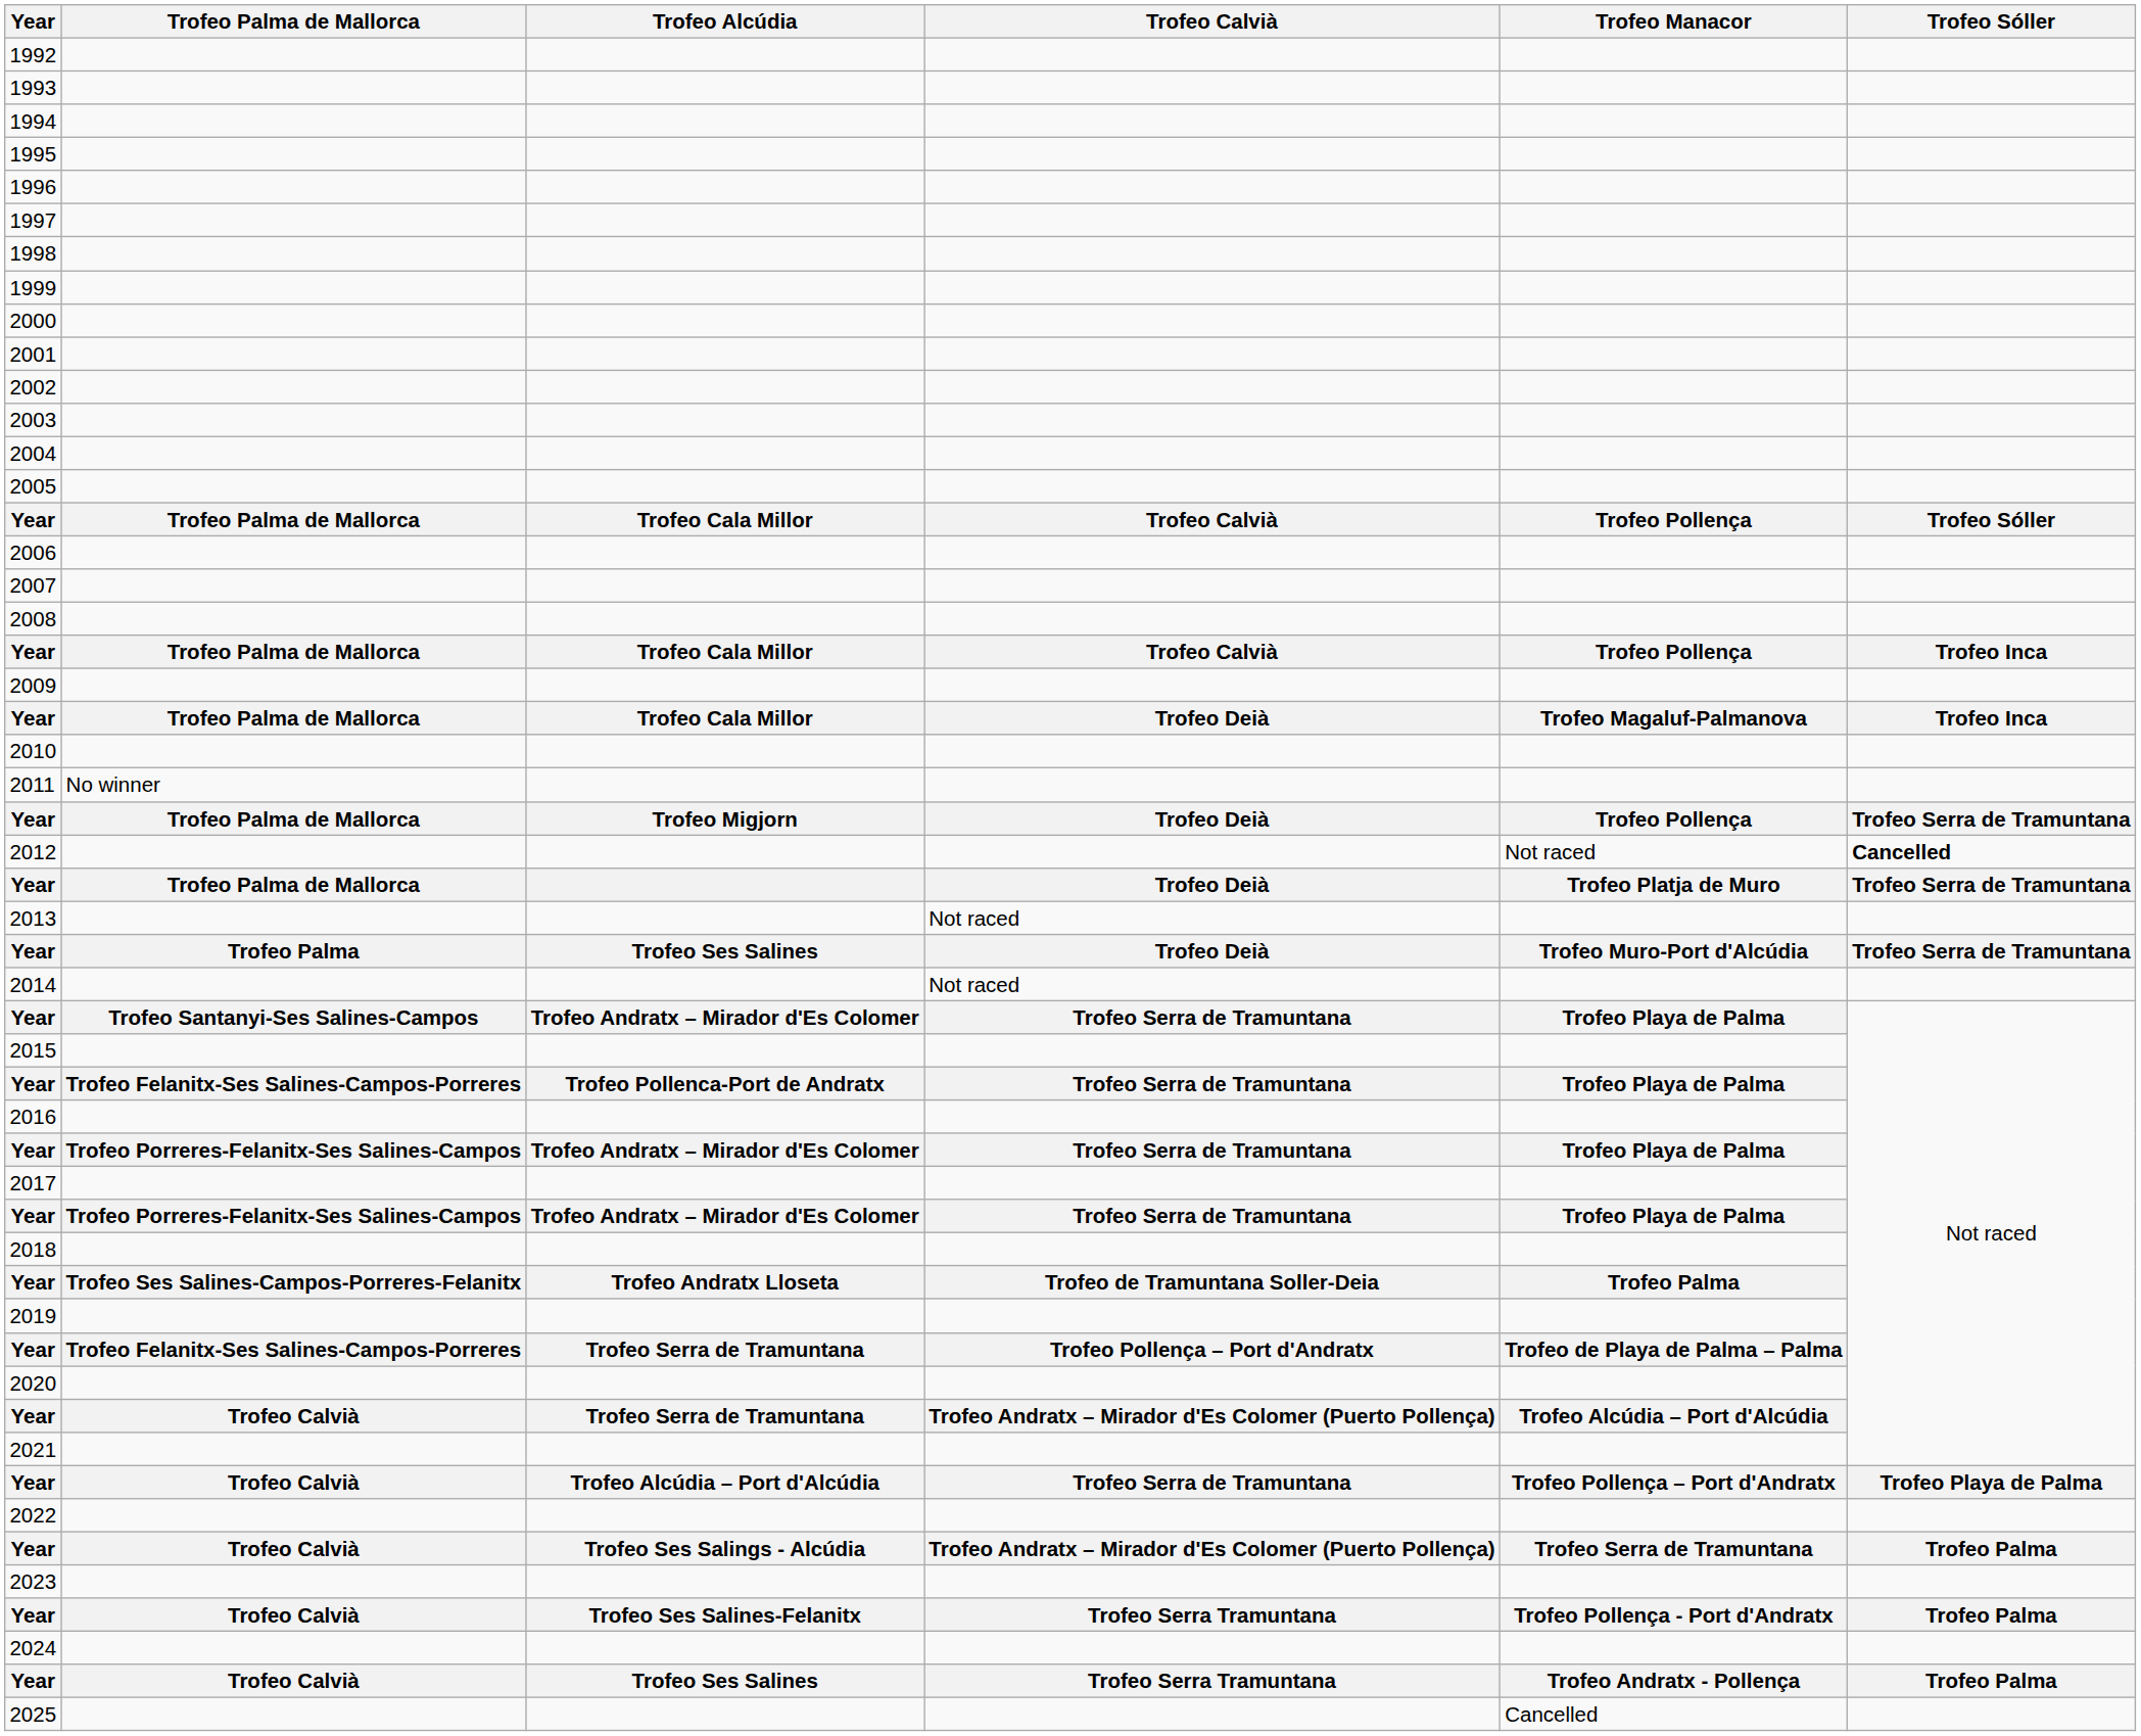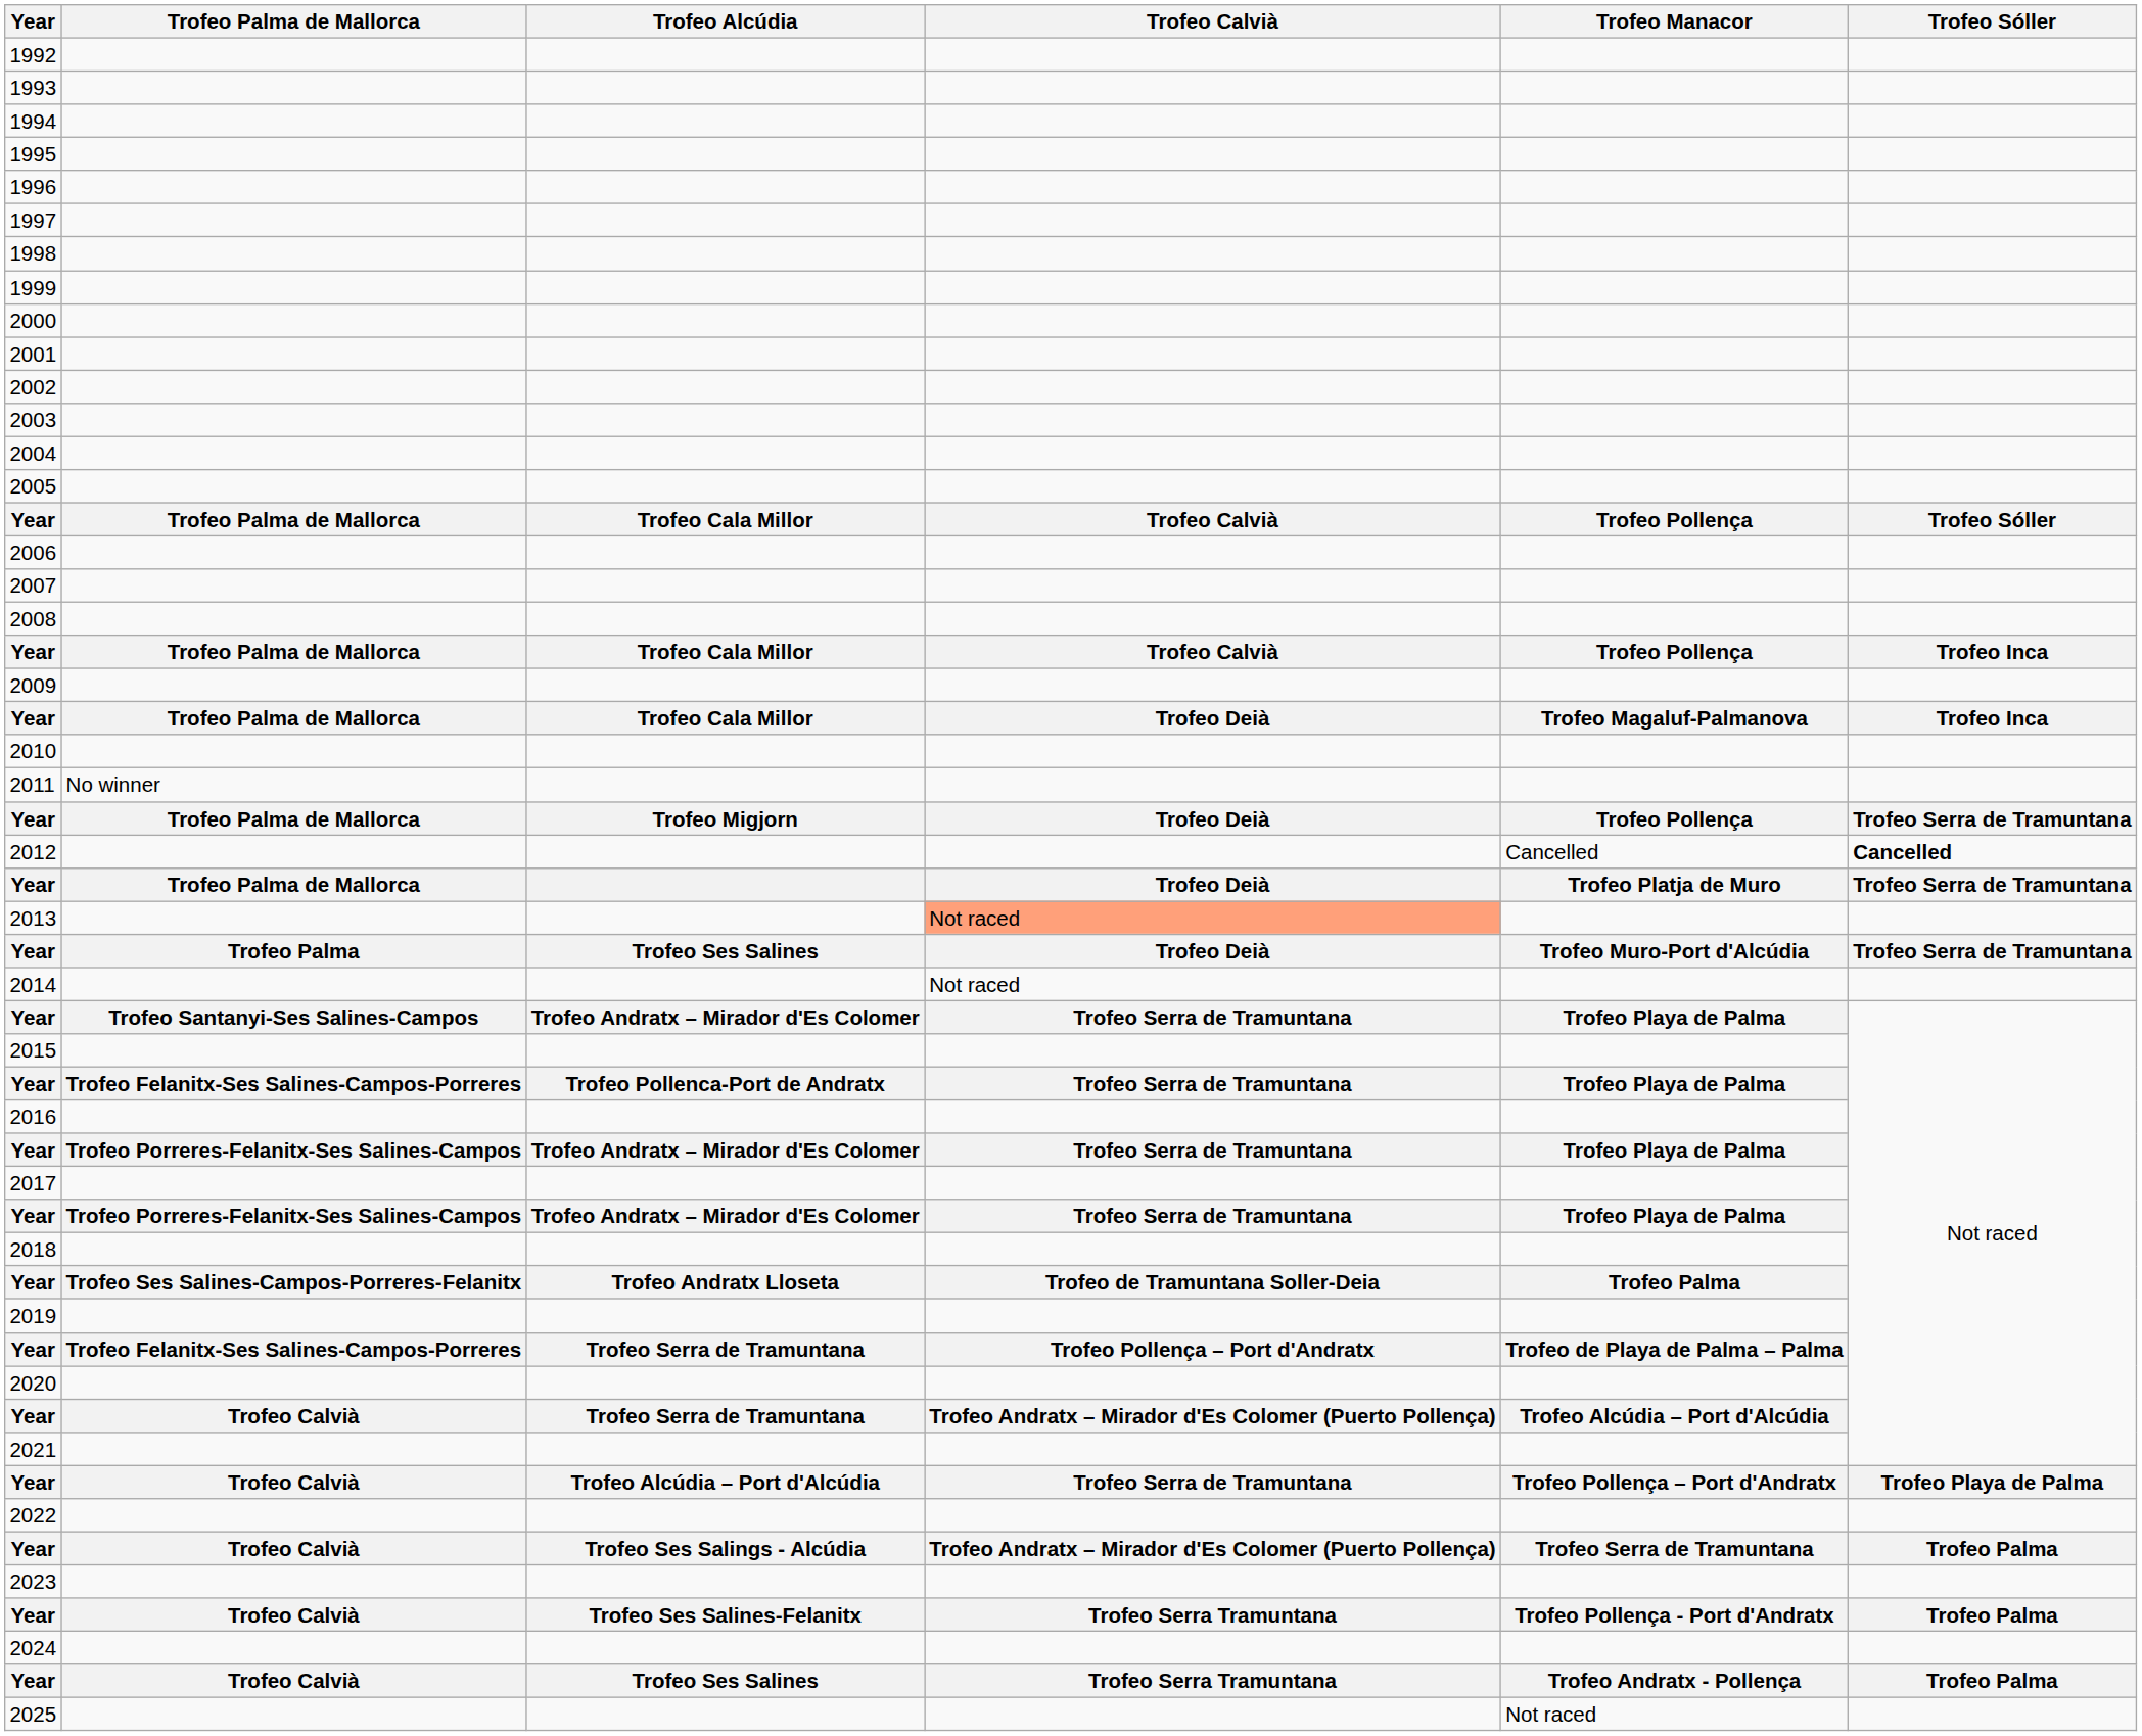 <table class="wikitable sortable" style="font-size:95%">
 <tr>
 <th>Year</th>
 <th>Trofeo Palma de Mallorca</th>
 <th>Trofeo Alcúdia</th>
 <th>Trofeo Calvià</th>
 <th>Trofeo Manacor</th>
 <th>Trofeo Sóller</th>
 </tr>
 <tr>
 <td>1992</td>
 <td></td>
 <td></td>
 <td></td>
 <td></td>
 <td></td>
 </tr>
 <tr>
 <td>1993</td>
 <td></td>
 <td></td>
 <td></td>
 <td></td>
 <td></td>
 </tr>
 <tr>
 <td>1994</td>
 <td></td>
 <td></td>
 <td></td>
 <td></td>
 <td></td>
 </tr>
 <tr>
 <td>1995</td>
 <td></td>
 <td></td>
 <td></td>
 <td></td>
 <td></td>
 </tr>
 <tr>
 <td>1996</td>
 <td></td>
 <td></td>
 <td></td>
 <td></td>
 <td></td>
 </tr>
 <tr>
 <td>1997</td>
 <td></td>
 <td></td>
 <td></td>
 <td></td>
 <td></td>
 </tr>
 <tr>
 <td>1998</td>
 <td></td>
 <td></td>
 <td></td>
 <td></td>
 <td></td>
 </tr>
 <tr>
 <td>1999</td>
 <td></td>
 <td></td>
 <td></td>
 <td></td>
 <td></td>
 </tr>
 <tr>
 <td>2000</td>
 <td></td>
 <td></td>
 <td></td>
 <td></td>
 <td></td>
 </tr>
 <tr>
 <td>2001</td>
 <td></td>
 <td></td>
 <td></td>
 <td></td>
 <td></td>
 </tr>
 <tr>
 <td>2002</td>
 <td></td>
 <td></td>
 <td></td>
 <td></td>
 <td></td>
 </tr>
 <tr>
 <td>2003</td>
 <td></td>
 <td></td>
 <td></td>
 <td></td>
 <td></td>
 </tr>
 <tr>
 <td>2004</td>
 <td></td>
 <td></td>
 <td></td>
 <td></td>
 <td></td>
 </tr>
 <tr>
 <td>2005</td>
 <td></td>
 <td></td>
 <td></td>
 <td></td>
 <td></td>
 </tr>
 <tr>
 <th>Year</th>
 <th>Trofeo Palma de Mallorca</th>
 <th>Trofeo Cala Millor</th>
 <th>Trofeo Calvià</th>
 <th>Trofeo Pollença</th>
 <th>Trofeo Sóller</th>
 </tr>
 <tr>
 <td>2006</td>
 <td></td>
 <td></td>
 <td></td>
 <td></td>
 <td></td>
 </tr>
 <tr>
 <td>2007</td>
 <td></td>
 <td></td>
 <td></td>
 <td></td>
 <td></td>
 </tr>
 <tr>
 <td>2008</td>
 <td></td>
 <td></td>
 <td></td>
 <td></td>
 <td></td>
 </tr>
 <tr --->
 <th>Year</th>
 <th>Trofeo Palma de Mallorca</th>
 <th>Trofeo Cala Millor</th>
 <th>Trofeo Calvià</th>
 <th>Trofeo Pollença</th>
 <th>Trofeo Inca</th>
 </tr>
 <tr>
 <td>2009</td>
 <td></td>
 <td></td>
 <td></td>
 <td></td>
 <td></td>
 </tr>
 <tr>
 <th>Year</th>
 <th>Trofeo Palma de Mallorca</th>
 <th>Trofeo Cala Millor</th>
 <th>Trofeo Deià</th>
 <th>Trofeo Magaluf-Palmanova</th>
 <th>Trofeo Inca</th>
 </tr>
 <tr>
 <td>2010</td>
 <td></td>
 <td></td>
 <td></td>
 <td></td>
 <td></td>
 </tr>
 <tr>
 <td>2011</td>
 <td>No winner</td>
 <td></td>
 <td></td>
 <td></td>
 <td></td>
 </tr>
 <tr>
 <th>Year</th>
 <th>Trofeo Palma de Mallorca</th>
 <th>Trofeo Migjorn</th>
 <th>Trofeo Deià</th>
 <th>Trofeo Pollença</th>
 <th>Trofeo Serra de Tramuntana</th>
 </tr>
 <tr>
 <td>2012</td>
 <td></td>
 <td></td>
 <td></td>
-<td>Not raced</td>
+<td>Cancelled</td>
 <td><strong>Cancelled</strong></td>
 </tr>
 <tr>
 <th>Year</th>
 <th>Trofeo Palma de Mallorca</th>
 <th></th>
 <th>Trofeo Deià</th>
 <th>Trofeo Platja de Muro</th>
 <th>Trofeo Serra de Tramuntana</th>
 </tr>
 <tr>
 <td>2013</td>
 <td></td>
 <td></td>
-<td>Not raced</td>
+<td style="background: lightsalmon;">Not raced</td>
 <td></td>
 <td></td>
 </tr>
 <tr>
 <th>Year</th>
 <th>Trofeo Palma</th>
 <th>Trofeo Ses Salines</th>
 <th>Trofeo Deià</th>
 <th>Trofeo Muro-Port d'Alcúdia</th>
 <th>Trofeo Serra de Tramuntana</th>
 </tr>
 <tr>
 <td>2014</td>
 <td></td>
 <td></td>
 <td>Not raced</td>
 <td></td>
 <td></td>
 </tr>
 <tr>
 <th>Year</th>
 <th>Trofeo Santanyi-Ses Salines-Campos</th>
 <th>Trofeo Andratx – Mirador d'Es Colomer</th>
 <th>Trofeo Serra de Tramuntana</th>
 <th>Trofeo Playa de Palma</th>
 <td rowspan="14" align="center">Not raced</td>
 </tr>
 <tr>
 <td>2015</td>
 <td></td>
 <td></td>
 <td></td>
 <td></td>
 </tr>
 <tr>
 <th>Year</th>
 <th>Trofeo Felanitx-Ses Salines-Campos-Porreres</th>
 <th>Trofeo Pollenca-Port de Andratx</th>
 <th>Trofeo Serra de Tramuntana</th>
 <th>Trofeo Playa de Palma</th>
 </tr>
 <tr>
 <td>2016</td>
 <td></td>
 <td></td>
 <td></td>
 <td></td>
 </tr>
 <tr>
 <th>Year</th>
 <th>Trofeo Porreres-Felanitx-Ses Salines-Campos</th>
 <th>Trofeo Andratx – Mirador d'Es Colomer</th>
 <th>Trofeo Serra de Tramuntana</th>
 <th>Trofeo Playa de Palma</th>
 </tr>
 <tr>
 <td>2017</td>
 <td></td>
 <td></td>
 <td></td>
 <td></td>
 </tr>
 <tr>
 <th>Year</th>
 <th>Trofeo Porreres-Felanitx-Ses Salines-Campos</th>
 <th>Trofeo Andratx – Mirador d'Es Colomer</th>
 <th>Trofeo Serra de Tramuntana</th>
 <th>Trofeo Playa de Palma</th>
 </tr>
 <tr>
 <td>2018</td>
 <td></td>
 <td></td>
 <td></td>
 <td></td>
 </tr>
 <tr>
 <th>Year</th>
 <th>Trofeo Ses Salines-Campos-Porreres-Felanitx</th>
 <th>Trofeo Andratx Lloseta</th>
 <th>Trofeo de Tramuntana Soller-Deia</th>
 <th>Trofeo Palma</th>
 </tr>
 <tr>
 <td>2019</td>
 <td></td>
 <td></td>
 <td></td>
 <td></td>
 </tr>
 <tr>
 <th>Year</th>
 <th>Trofeo Felanitx-Ses Salines-Campos-Porreres</th>
 <th>Trofeo Serra de Tramuntana</th>
 <th>Trofeo Pollença – Port d'Andratx</th>
 <th>Trofeo de Playa de Palma – Palma</th>
 </tr>
 <tr>
 <td>2020</td>
 <td></td>
 <td></td>
 <td></td>
 <td></td>
 </tr>
 <tr>
 <th>Year</th>
 <th>Trofeo Calvià</th>
 <th>Trofeo Serra de Tramuntana</th>
 <th>Trofeo Andratx – Mirador d'Es Colomer (Puerto Pollença)</th>
 <th>Trofeo Alcúdia – Port d'Alcúdia</th>
 </tr>
 <tr>
 <td>2021</td>
 <td></td>
 <td></td>
 <td></td>
 <td></td>
 </tr>
 <tr>
 <th>Year</th>
 <th>Trofeo Calvià</th>
 <th>Trofeo Alcúdia – Port d'Alcúdia</th>
 <th>Trofeo Serra de Tramuntana</th>
 <th>Trofeo Pollença – Port d'Andratx</th>
 <th>Trofeo Playa de Palma</th>
 </tr>
 <tr>
 <td>2022</td>
 <td></td>
 <td></td>
 <td></td>
 <td></td>
 <td></td>
 </tr>
 <tr>
 <th>Year</th>
 <th>Trofeo Calvià</th>
 <th>Trofeo Ses Salings - Alcúdia</th>
 <th>Trofeo Andratx – Mirador d'Es Colomer (Puerto Pollença)</th>
 <th>Trofeo Serra de Tramuntana</th>
 <th>Trofeo Palma</th>
 </tr>
 <tr>
 <td>2023</td>
 <td></td>
 <td></td>
 <td></td>
 <td></td>
 <td></td>
 </tr>
 <tr>
 <th>Year</th>
 <th>Trofeo Calvià</th>
 <th>Trofeo Ses Salines-Felanitx</th>
 <th>Trofeo Serra Tramuntana</th>
 <th>Trofeo Pollença - Port d'Andratx</th>
 <th>Trofeo Palma</th>
 </tr>
 <tr>
 <td>2024</td>
 <td></td>
 <td> </td>
 <td></td>
 <td></td>
 <td></td>
 </tr>
 <tr>
 <th>Year</th>
 <th>Trofeo Calvià</th>
 <th>Trofeo Ses Salines</th>
 <th>Trofeo Serra Tramuntana</th>
 <th>Trofeo Andratx - Pollença</th>
 <th>Trofeo Palma</th>
 </tr>
 <tr>
 <td>2025</td>
 <td></td>
 <td></td>
 <td></td>
-<td>Cancelled</td>
+<td>Not raced</td>
 <td></td>
 </tr>
 </table>
